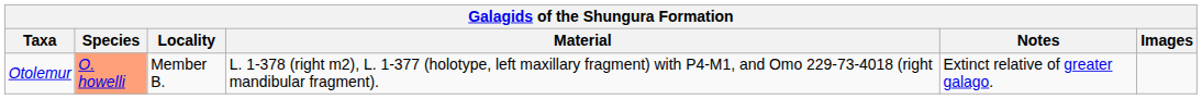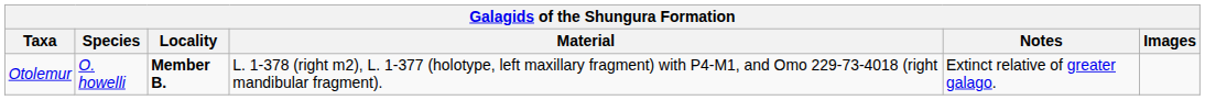 <table class="wikitable" align="center">
 <tr>
 <th colspan="6" align="center"><strong><a href='#'>Galagids</a></strong> of the Shungura Formation</th>
 </tr>
 <tr>
 <th>Taxa</th>
 <th>Species</th>
 <th>Locality</th>
 <th>Material</th>
 <th>Notes</th>
 <th>Images</th>
 </tr>
 <tr>
 <td><em><a href='#'>Otolemur</a></em></td>
-<td style="background: lightsalmon;"><em><a href='#'>O. howelli</a></em></td>
-<td>Member B.</td>
+<td><em><a href='#'>O. howelli</a></em></td>
+<td><strong>Member B.</strong></td>
 <td>L. 1-378 (right m2), L. 1-377 (holotype, left maxillary fragment) with P4-M1, and Omo 229-73-4018 (right mandibular fragment).</td>
 <td>Extinct relative of <a href='#'>greater galago</a>.</td>
 <td></td>
 </tr>
 </table>
